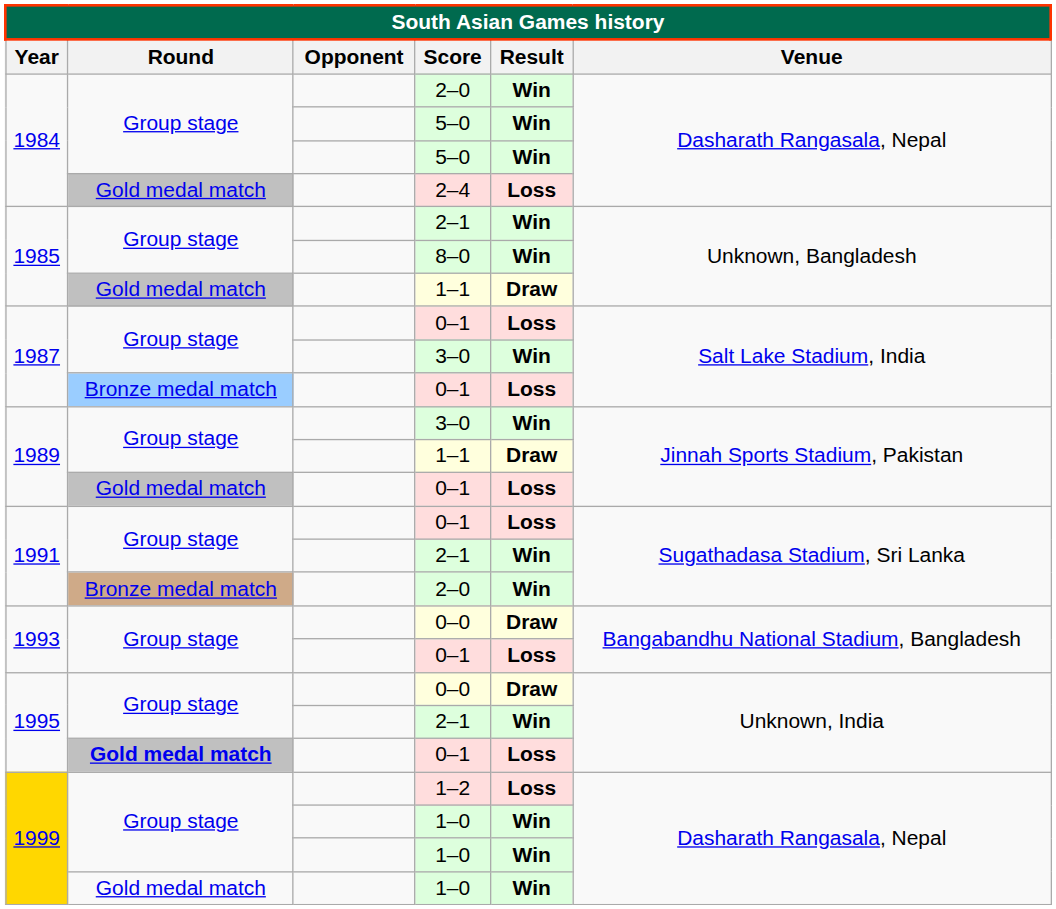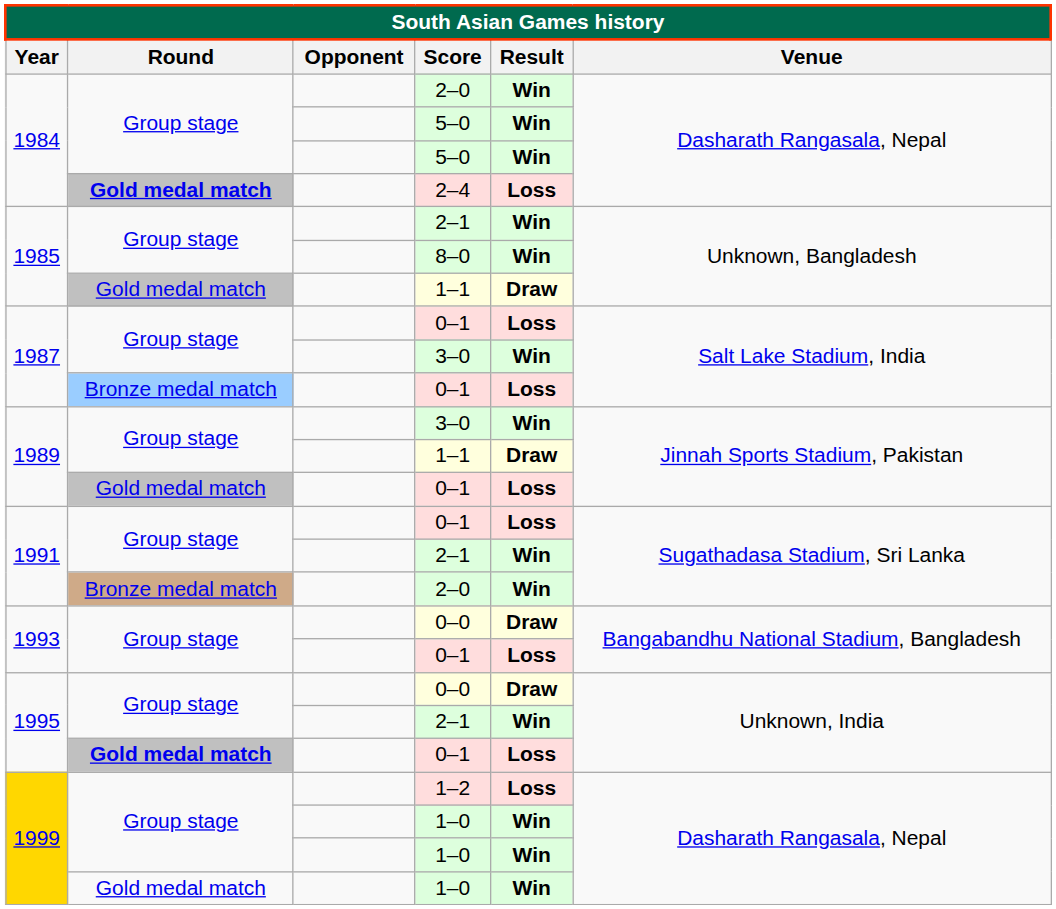 <table class="wikitable collapsible collapsed" style="text-align: center; font-size: 100%;width: 800px">
 <tr>
 <th colspan="6" style="background: #006a4e;border: 2px solid #ff3300;color: #FFFFFF;">South Asian Games history</th>
 </tr>
 <tr>
 <th>Year</th>
 <th>Round</th>
 <th>Opponent</th>
 <th>Score</th>
 <th>Result</th>
 <th>Venue</th>
 </tr>
 <tr>
 <td rowspan=4><a href='#'>1984</a></td>
 <td rowspan=3><a href='#'>Group stage</a></td>
 <td style="text-align:left"></td>
 <td style="background:#dfd;">2–0</td>
 <td style="background:#dfd;"><strong>Win</strong></td>
 <td rowspan=4><a href='#'>Dasharath Rangasala</a>,  Nepal</td>
 </tr>
 <tr>
 <td style="text-align:left"></td>
 <td style="background:#dfd;">5–0</td>
 <td style="background:#dfd;"><strong>Win</strong></td>
 </tr>
 <tr>
 <td style="text-align:left"></td>
 <td style="background:#dfd;">5–0</td>
 <td style="background:#dfd;"><strong>Win</strong></td>
 </tr>
 <tr>
-<td style="background-color:silver;"><a href='#'>Gold medal match</a></td>
+<td style="background-color:silver;"><strong><a href='#'>Gold medal match</a></strong></td>
 <td style="text-align:left"></td>
 <td style="background:#fdd;">2–4</td>
 <td style="background:#fdd;"><strong>Loss</strong></td>
 </tr>
 <tr>
 <td rowspan=3><a href='#'>1985</a></td>
 <td rowspan=2><a href='#'>Group stage</a></td>
 <td style="text-align:left"></td>
 <td style="background:#dfd;">2–1</td>
 <td style="background:#dfd;"><strong>Win</strong></td>
 <td rowspan=3>Unknown,  Bangladesh</td>
 </tr>
 <tr>
 <td style="text-align:left"></td>
 <td style="background:#dfd;">8–0</td>
 <td style="background:#dfd;"><strong>Win</strong></td>
 </tr>
 <tr>
 <td style="background-color:silver;"><a href='#'>Gold medal match</a></td>
 <td style="text-align:left"></td>
 <td style="background:#ffd;">1–1 </td>
 <td style="background:#ffd;"><strong>Draw</strong></td>
 </tr>
 <tr>
 <td rowspan=3><a href='#'>1987</a></td>
 <td rowspan=2><a href='#'>Group stage</a></td>
 <td style="text-align:left"></td>
 <td style="background:#fdd;">0–1</td>
 <td style="background:#fdd;"><strong>Loss</strong></td>
 <td rowspan=3><a href='#'>Salt Lake Stadium</a>,  India</td>
 </tr>
 <tr>
 <td style="text-align:left"></td>
 <td style="background:#dfd;">3–0</td>
 <td style="background:#dfd;"><strong>Win</strong></td>
 </tr>
 <tr>
 <td style="background-color:#9ACDFF;"><a href='#'>Bronze medal match</a></td>
 <td style="text-align:left"></td>
 <td style="background:#fdd;">0–1</td>
 <td style="background:#fdd;"><strong>Loss</strong></td>
 </tr>
 <tr>
 <td rowspan=3><a href='#'>1989</a></td>
 <td rowspan=2><a href='#'>Group stage</a></td>
 <td style="text-align:left"></td>
 <td style="background:#dfd;">3–0</td>
 <td style="background:#dfd;"><strong>Win</strong></td>
 <td rowspan=3><a href='#'>Jinnah Sports Stadium</a>,  Pakistan</td>
 </tr>
 <tr>
 <td style="text-align:left"></td>
 <td style="background:#ffd;">1–1</td>
 <td style="background:#ffd;"><strong>Draw</strong></td>
 </tr>
 <tr>
 <td style="background-color:silver;"><a href='#'>Gold medal match</a></td>
 <td style="text-align:left"></td>
 <td style="background:#fdd;">0–1</td>
 <td style="background:#fdd;"><strong>Loss</strong></td>
 </tr>
 <tr>
 <td rowspan=3><a href='#'>1991</a></td>
 <td rowspan=2><a href='#'>Group stage</a></td>
 <td style="text-align:left"></td>
 <td style="background:#fdd;">0–1</td>
 <td style="background:#fdd;"><strong>Loss</strong></td>
 <td rowspan=3><a href='#'>Sugathadasa Stadium</a>,  Sri Lanka</td>
 </tr>
 <tr>
 <td style="text-align:left"></td>
 <td style="background:#dfd;">2–1</td>
 <td style="background:#dfd;"><strong>Win</strong></td>
 </tr>
 <tr>
 <td style="background-color:#CFAA88;"><a href='#'>Bronze medal match</a></td>
 <td style="text-align:left"></td>
 <td style="background:#dfd;">2–0</td>
 <td style="background:#dfd;"><strong>Win</strong></td>
 </tr>
 <tr>
 <td rowspan=2><a href='#'>1993</a></td>
 <td rowspan=2><a href='#'>Group stage</a></td>
 <td style="text-align:left"></td>
 <td style="background:#ffd;">0–0</td>
 <td style="background:#ffd;"><strong>Draw</strong></td>
 <td rowspan=2><a href='#'>Bangabandhu National Stadium</a>,  Bangladesh</td>
 </tr>
 <tr>
 <td style="text-align:left"></td>
 <td style="background:#fdd;">0–1</td>
 <td style="background:#fdd;"><strong>Loss</strong></td>
 </tr>
 <tr>
 <td rowspan=3><a href='#'>1995</a></td>
 <td rowspan=2><a href='#'>Group stage</a></td>
 <td style="text-align:left"></td>
 <td style="background:#ffd;">0–0</td>
 <td style="background:#ffd;"><strong>Draw</strong></td>
 <td rowspan=3>Unknown,  India</td>
 </tr>
 <tr>
 <td style="text-align:left"></td>
 <td style="background:#dfd;">2–1</td>
 <td style="background:#dfd;"><strong>Win</strong></td>
 </tr>
 <tr>
 <td style="background-color:silver;"><strong><a href='#'>Gold medal match</a></strong></td>
 <td style="text-align:left"></td>
 <td style="background:#fdd;">0–1</td>
 <td style="background:#fdd;"><strong>Loss</strong></td>
 </tr>
 <tr>
 <td rowspan=4  style="background-color:gold;"><a href='#'>1999</a></td>
 <td rowspan=3><a href='#'>Group stage</a></td>
 <td style="text-align:left"></td>
 <td style="background:#fdd;">1–2</td>
 <td style="background:#fdd;"><strong>Loss</strong></td>
 <td rowspan=4><a href='#'>Dasharath Rangasala</a>,  Nepal</td>
 </tr>
 <tr>
 <td style="text-align:left"></td>
 <td style="background:#dfd;">1–0</td>
 <td style="background:#dfd;"><strong>Win</strong></td>
 </tr>
 <tr>
 <td style="text-align:left"></td>
 <td style="background:#dfd;">1–0</td>
 <td style="background:#dfd;"><strong>Win</strong></td>
 </tr>
 <tr>
 <td><a href='#'>Gold medal match</a></td>
 <td style="text-align:left"></td>
 <td style="background:#dfd;">1–0</td>
 <td style="background:#dfd;"><strong>Win</strong></td>
 </tr>
 </table>
